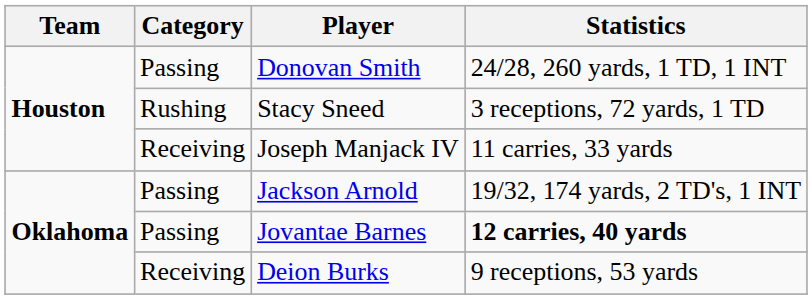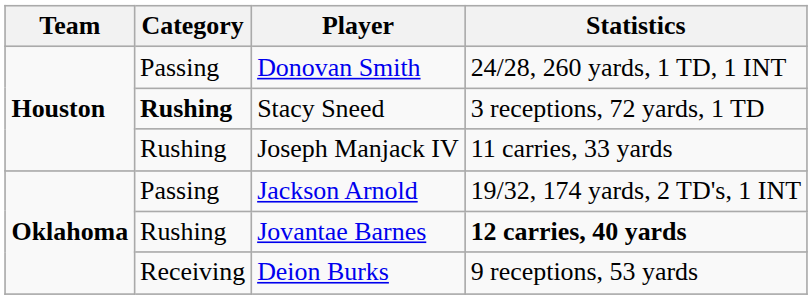 <table class="wikitable" style="float: right;">
 <tr>
 <th>Team</th>
 <th>Category</th>
 <th>Player</th>
 <th>Statistics</th>
 </tr>
 <tr>
 <td rowspan=3><strong>Houston</strong></td>
 <td>Passing</td>
 <td><a href='#'>Donovan Smith</a></td>
 <td>24/28, 260 yards, 1 TD, 1 INT</td>
 </tr>
 <tr>
-<td>Rushing</td>
+<td><strong>Rushing</strong></td>
 <td>Stacy Sneed</td>
 <td>3 receptions, 72 yards, 1 TD</td>
 </tr>
 <tr>
-<td>Receiving</td>
+<td>Rushing</td>
 <td>Joseph Manjack IV</td>
 <td>11 carries, 33 yards</td>
 </tr>
 <tr>
 <td rowspan=3><strong>Oklahoma</strong></td>
 <td>Passing</td>
 <td><a href='#'>Jackson Arnold</a></td>
 <td>19/32, 174 yards, 2 TD's, 1 INT</td>
 </tr>
 <tr>
-<td>Passing</td>
+<td>Rushing</td>
 <td><a href='#'>Jovantae Barnes</a></td>
 <td><strong>12 carries, 40 yards</strong></td>
 </tr>
 <tr>
 <td>Receiving</td>
 <td><a href='#'>Deion Burks</a></td>
 <td>9 receptions, 53 yards</td>
 </tr>
 </table>
